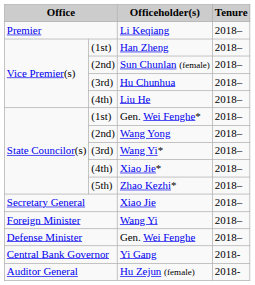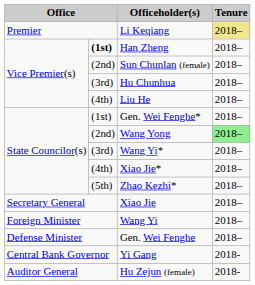 <table class="wikitable sortable">
 <tr>
 <th style="background:#ccc;" colspan="2">Office</th>
 <th style="background:#ccc;">Officeholder(s)</th>
 <th style="background:#ccc;">Tenure</th>
 </tr>
 <tr>
 <td colspan="2"><a href='#'>Premier</a></td>
 <td><a href='#'>Li Keqiang</a></td>
-<td>2018–</td>
+<td style="background: khaki;">2018–</td>
 </tr>
 <tr>
 <td rowspan="4"><a href='#'>Vice Premier</a>(s)</td>
-<td>(1st)</td>
+<td><strong>(1st)</strong></td>
 <td><a href='#'>Han Zheng</a></td>
 <td>2018–</td>
 </tr>
 <tr>
 <td>(2nd)</td>
 <td><a href='#'>Sun Chunlan</a> <small>(female)</small></td>
 <td>2018–</td>
 </tr>
 <tr>
 <td>(3rd)</td>
 <td><a href='#'>Hu Chunhua</a></td>
 <td>2018–</td>
 </tr>
 <tr>
 <td>(4th)</td>
 <td><a href='#'>Liu He</a></td>
 <td>2018–</td>
 </tr>
 <tr>
 <td rowspan="5"><a href='#'>State Councilor</a>(s)</td>
 <td>(1st)</td>
 <td>Gen. <a href='#'>Wei Fenghe</a>*</td>
 <td>2018–</td>
 </tr>
 <tr>
 <td>(2nd)</td>
 <td><a href='#'>Wang Yong</a></td>
-<td>2018–</td>
+<td style="background: lightgreen;">2018–</td>
 </tr>
 <tr>
 <td>(3rd)</td>
 <td><a href='#'>Wang Yi</a>*</td>
 <td>2018–</td>
 </tr>
 <tr>
 <td>(4th)</td>
 <td><a href='#'>Xiao Jie</a>*</td>
 <td>2018–</td>
 </tr>
 <tr>
 <td>(5th)</td>
 <td><a href='#'>Zhao Kezhi</a>*</td>
 <td>2018–</td>
 </tr>
 <tr>
 <td colspan="2"><a href='#'>Secretary General</a></td>
 <td><a href='#'>Xiao Jie</a></td>
 <td>2018–</td>
 </tr>
 <tr>
 <td colspan="2"><a href='#'>Foreign Minister</a></td>
 <td><a href='#'>Wang Yi</a></td>
 <td>2018–</td>
 </tr>
 <tr>
 <td colspan="2"><a href='#'>Defense Minister</a></td>
 <td>Gen. <a href='#'>Wei Fenghe</a></td>
 <td>2018–</td>
 </tr>
 <tr>
 <td colspan="2"><a href='#'>Central Bank Governor</a></td>
 <td><a href='#'>Yi Gang</a></td>
 <td>2018-</td>
 </tr>
 <tr>
 <td colspan="2"><a href='#'>Auditor General</a></td>
 <td><a href='#'>Hu Zejun</a> <small>(female)</small></td>
 <td>2018-</td>
 </tr>
 </table>
